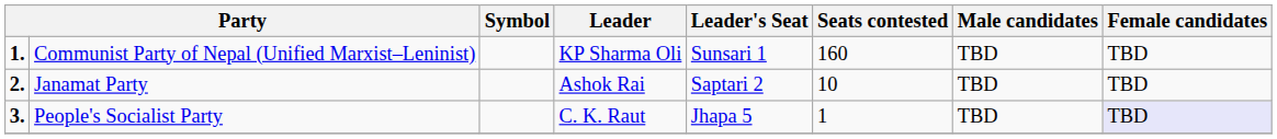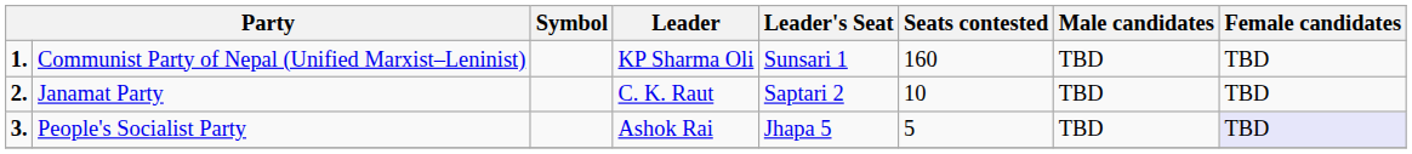 <table class="wikitable">
 <tr>
 <th colspan="2">Party</th>
 <th>Symbol</th>
 <th>Leader</th>
 <th>Leader's Seat</th>
 <th>Seats contested</th>
 <th>Male candidates</th>
 <th>Female candidates</th>
 </tr>
 <tr>
 <td style="text-align:center; background:"><strong>1.</strong></td>
 <td><a href='#'>Communist Party of Nepal (Unified Marxist–Leninist)</a></td>
 <td></td>
 <td><a href='#'>KP Sharma Oli</a></td>
 <td><a href='#'>Sunsari 1</a></td>
 <td>160</td>
 <td>TBD</td>
 <td>TBD</td>
 </tr>
 <tr>
 <td style="text-align:center; background:"><strong>2.</strong></td>
 <td><a href='#'>Janamat Party</a></td>
 <td></td>
-<td><a href='#'>Ashok Rai</a></td>
+<td><a href='#'>C. K. Raut</a></td>
 <td><a href='#'>Saptari 2</a></td>
 <td>10</td>
 <td>TBD</td>
 <td>TBD</td>
 </tr>
 <tr>
 <td style="text-align:center; background:"><strong>3.</strong></td>
 <td><a href='#'>People's Socialist Party</a></td>
 <td></td>
-<td><a href='#'>C. K. Raut</a></td>
+<td><a href='#'>Ashok Rai</a></td>
 <td><a href='#'>Jhapa 5</a></td>
-<td>1</td>
+<td>5</td>
 <td>TBD</td>
 <td style="background: lavender;">TBD</td>
 </tr>
 <tr>
 </tr>
 </table>
